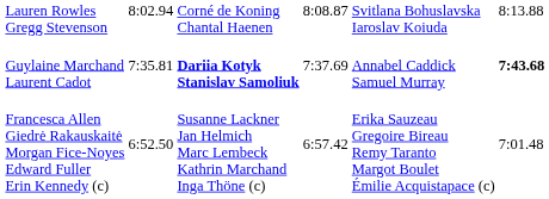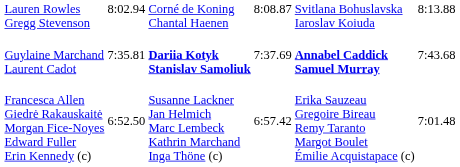 <table>
 <tr>
 <th></th>
 <td><br><a href='#'>Lauren Rowles</a><br><a href='#'>Gregg Stevenson</a></td>
 <td>8:02.94</td>
 <td><br><a href='#'>Corné de Koning</a><br><a href='#'>Chantal Haenen</a></td>
 <td>8:08.87</td>
 <td><br><a href='#'>Svitlana Bohuslavska</a><br><a href='#'>Iaroslav Koiuda</a></td>
 <td>8:13.88</td>
 </tr>
 <tr>
 <th></th>
 <td><br><a href='#'>Guylaine Marchand</a><br><a href='#'>Laurent Cadot</a></td>
 <td>7:35.81</td>
 <td><strong><br><a href='#'>Dariia Kotyk</a><br><a href='#'>Stanislav Samoliuk</a></strong></td>
 <td>7:37.69</td>
-<td><br><a href='#'>Annabel Caddick</a><br><a href='#'>Samuel Murray</a></td>
-<td><strong>7:43.68</strong></td>
+<td><strong><br><a href='#'>Annabel Caddick</a><br><a href='#'>Samuel Murray</a></strong></td>
+<td>7:43.68</td>
 </tr>
 <tr>
 <th></th>
 <td><br><a href='#'>Francesca Allen</a><br><a href='#'>Giedrė Rakauskaitė</a><br><a href='#'>Morgan Fice-Noyes</a><br><a href='#'>Edward Fuller</a><br><a href='#'>Erin Kennedy</a> (c)</td>
 <td>6:52.50</td>
 <td><br><a href='#'>Susanne Lackner</a><br><a href='#'>Jan Helmich</a><br><a href='#'>Marc Lembeck</a><br><a href='#'>Kathrin Marchand</a><br><a href='#'>Inga Thöne</a> (c)</td>
 <td>6:57.42</td>
 <td><br><a href='#'>Erika Sauzeau</a><br><a href='#'>Gregoire Bireau</a><br><a href='#'>Remy Taranto</a><br><a href='#'>Margot Boulet</a><br><a href='#'>Émilie Acquistapace</a> (c)</td>
 <td>7:01.48</td>
 </tr>
 </table>
